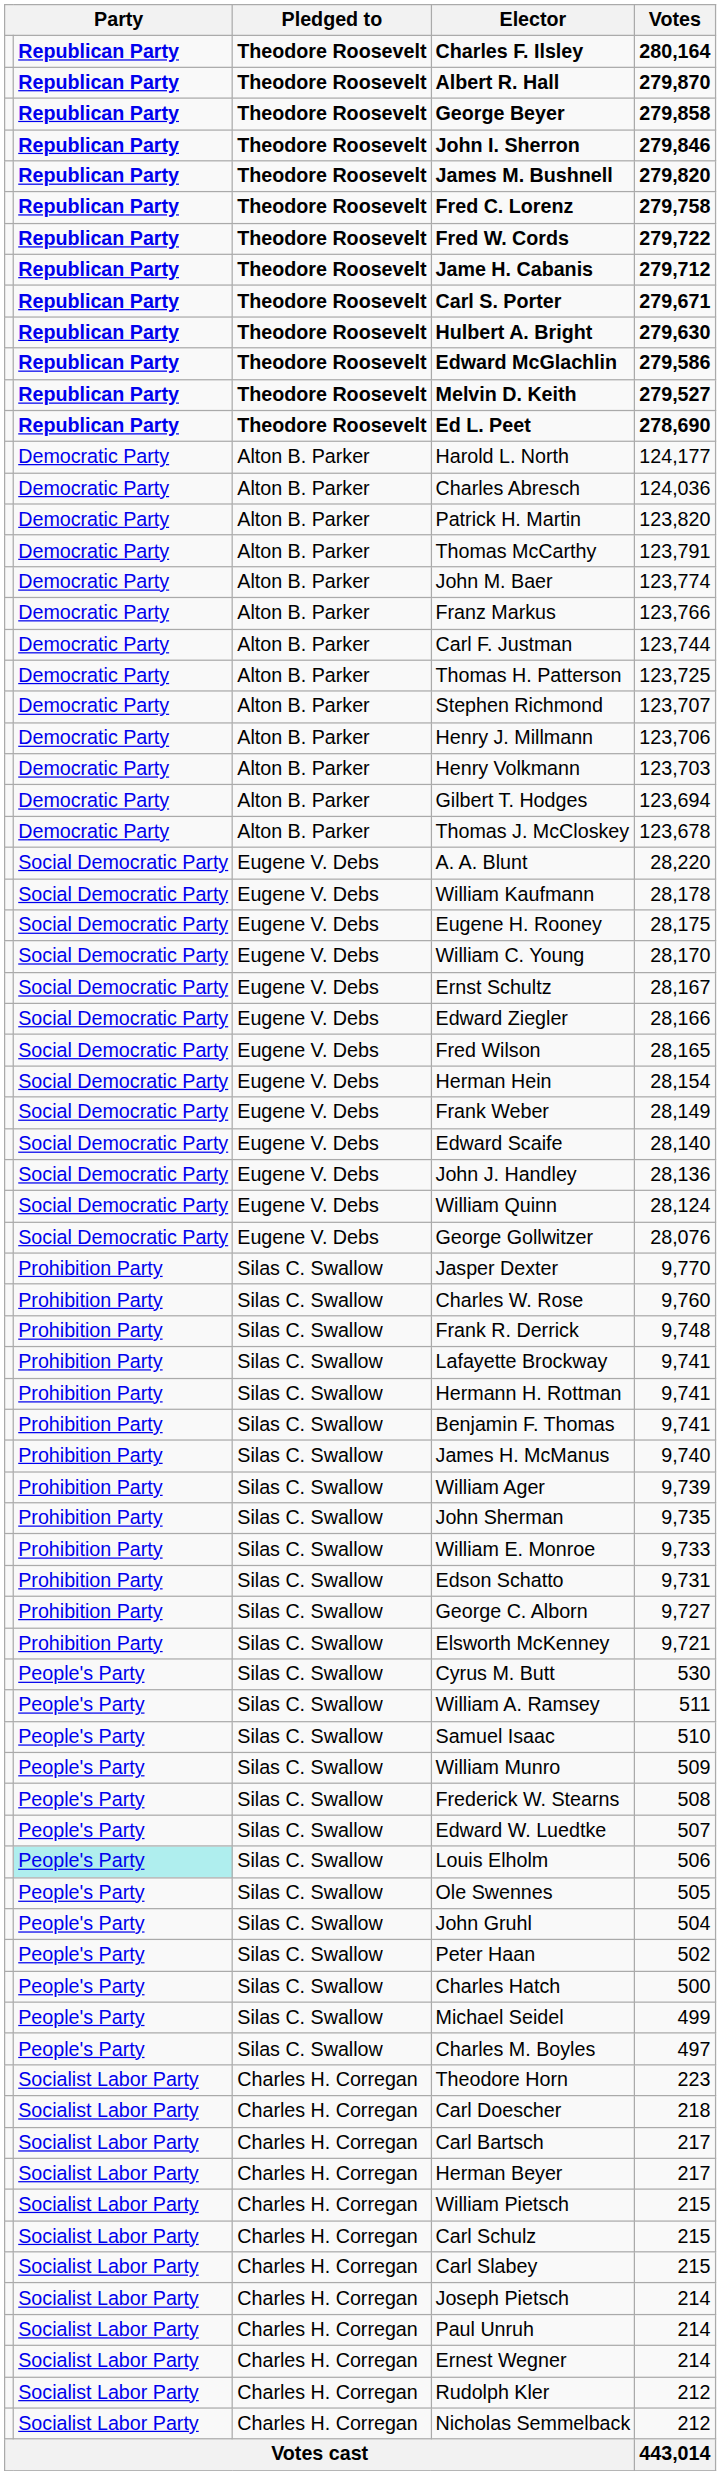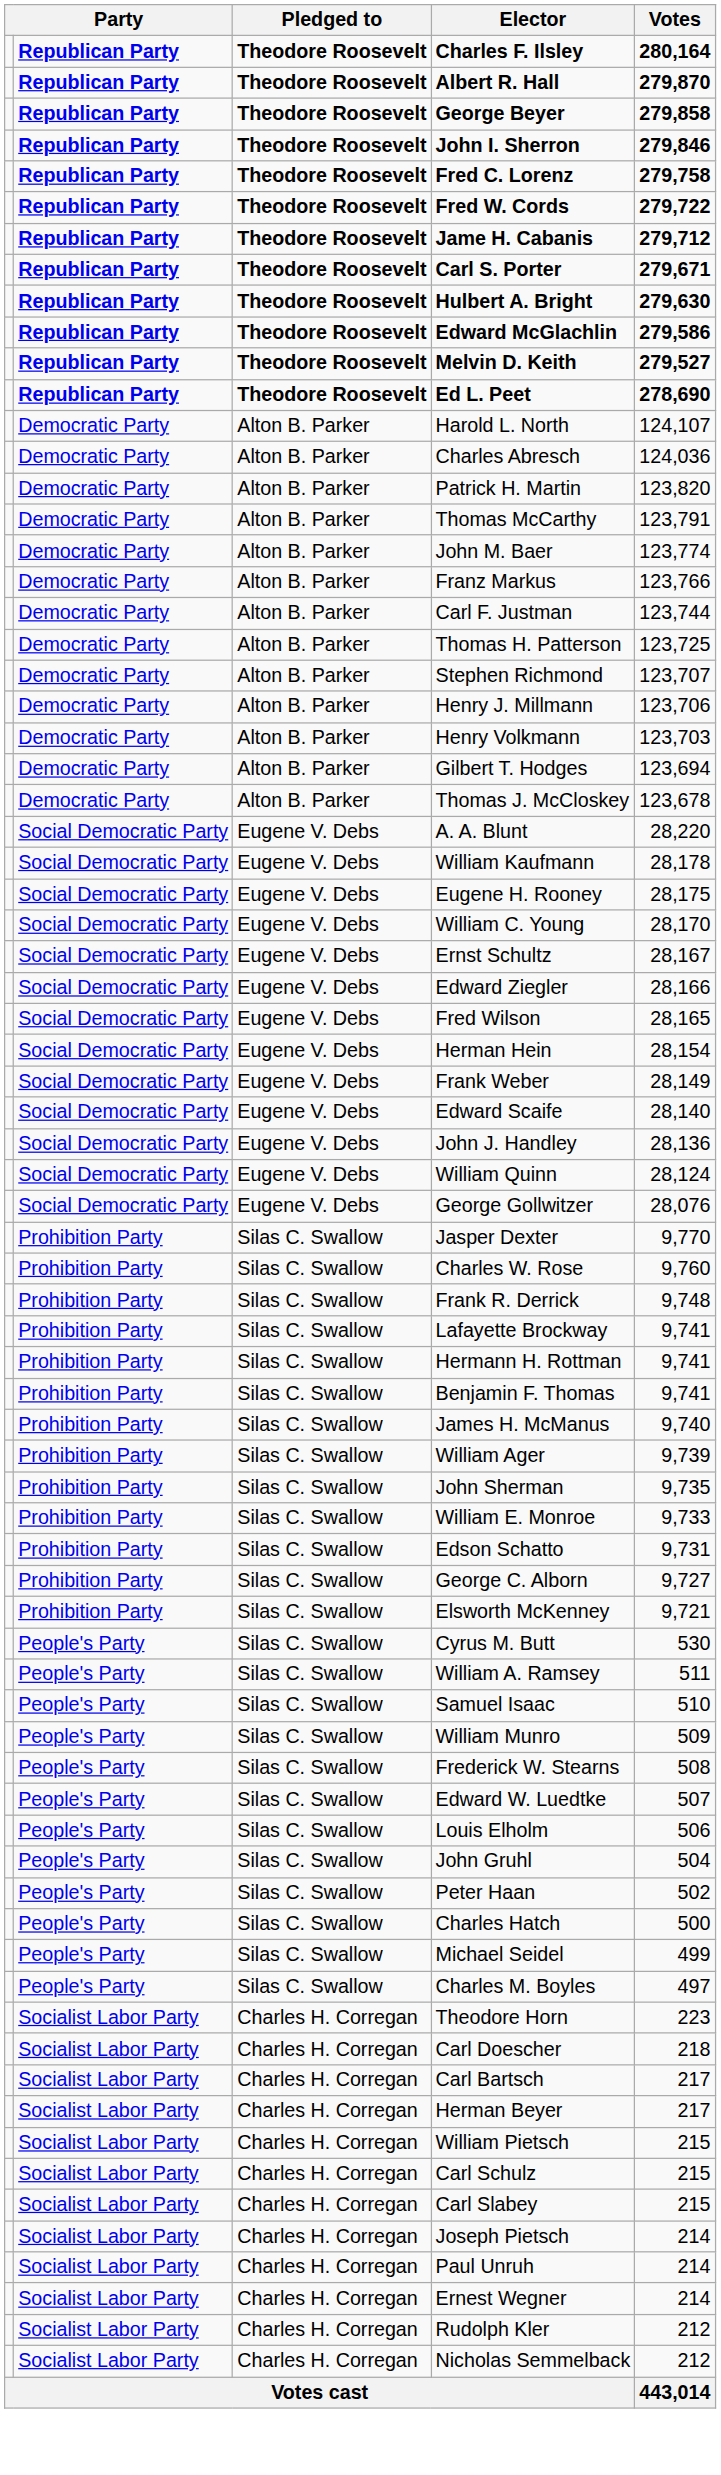 <table class="wikitable">
 <tr>
 <th colspan=2>Party</th>
 <th>Pledged to</th>
 <th>Elector</th>
 <th>Votes</th>
 </tr>
 <tr style="font-weight:bold">
 <td></td>
 <td><a href='#'>Republican Party</a></td>
 <td>Theodore Roosevelt</td>
 <td>Charles F. Ilsley</td>
 <td align="right">280,164</td>
 </tr>
 <tr style="font-weight:bold">
 <td></td>
 <td><a href='#'>Republican Party</a></td>
 <td>Theodore Roosevelt</td>
 <td>Albert R. Hall</td>
 <td align="right">279,870</td>
 </tr>
 <tr style="font-weight:bold">
 <td></td>
 <td><a href='#'>Republican Party</a></td>
 <td>Theodore Roosevelt</td>
 <td>George Beyer</td>
 <td align="right">279,858</td>
 </tr>
 <tr style="font-weight:bold">
 <td></td>
 <td><a href='#'>Republican Party</a></td>
 <td>Theodore Roosevelt</td>
 <td>John I. Sherron</td>
 <td align="right">279,846</td>
-</tr>
-<tr style="font-weight:bold">
-<td></td>
-<td><a href='#'>Republican Party</a></td>
-<td>Theodore Roosevelt</td>
-<td>James M. Bushnell</td>
-<td align="right">279,820</td>
 </tr>
 <tr style="font-weight:bold">
 <td></td>
 <td><a href='#'>Republican Party</a></td>
 <td>Theodore Roosevelt</td>
 <td>Fred C. Lorenz</td>
 <td align="right">279,758</td>
 </tr>
 <tr style="font-weight:bold">
 <td></td>
 <td><a href='#'>Republican Party</a></td>
 <td>Theodore Roosevelt</td>
 <td>Fred W. Cords</td>
 <td align="right">279,722</td>
 </tr>
 <tr style="font-weight:bold">
 <td></td>
 <td><a href='#'>Republican Party</a></td>
 <td>Theodore Roosevelt</td>
 <td>Jame H. Cabanis</td>
 <td align="right">279,712</td>
 </tr>
 <tr style="font-weight:bold">
 <td></td>
 <td><a href='#'>Republican Party</a></td>
 <td>Theodore Roosevelt</td>
 <td>Carl S. Porter</td>
 <td align="right">279,671</td>
 </tr>
 <tr style="font-weight:bold">
 <td></td>
 <td><a href='#'>Republican Party</a></td>
 <td>Theodore Roosevelt</td>
 <td>Hulbert A. Bright</td>
 <td align="right">279,630</td>
 </tr>
 <tr style="font-weight:bold">
 <td></td>
 <td><a href='#'>Republican Party</a></td>
 <td>Theodore Roosevelt</td>
 <td>Edward McGlachlin</td>
 <td align="right">279,586</td>
 </tr>
 <tr style="font-weight:bold">
 <td></td>
 <td><a href='#'>Republican Party</a></td>
 <td>Theodore Roosevelt</td>
 <td>Melvin D. Keith</td>
 <td align="right">279,527</td>
 </tr>
 <tr style="font-weight:bold">
 <td></td>
 <td><a href='#'>Republican Party</a></td>
 <td>Theodore Roosevelt</td>
 <td>Ed L. Peet</td>
 <td align="right">278,690</td>
 </tr>
 <tr>
 <td></td>
 <td><a href='#'>Democratic Party</a></td>
 <td>Alton B. Parker</td>
 <td>Harold L. North</td>
-<td align="right">124,177</td>
+<td align="right">124,107</td>
 </tr>
 <tr>
 <td></td>
 <td><a href='#'>Democratic Party</a></td>
 <td>Alton B. Parker</td>
 <td>Charles Abresch</td>
 <td align="right">124,036</td>
 </tr>
 <tr>
 <td></td>
 <td><a href='#'>Democratic Party</a></td>
 <td>Alton B. Parker</td>
 <td>Patrick H. Martin</td>
 <td align="right">123,820</td>
 </tr>
 <tr>
 <td></td>
 <td><a href='#'>Democratic Party</a></td>
 <td>Alton B. Parker</td>
 <td>Thomas McCarthy</td>
 <td align="right">123,791</td>
 </tr>
 <tr>
 <td></td>
 <td><a href='#'>Democratic Party</a></td>
 <td>Alton B. Parker</td>
 <td>John M. Baer</td>
 <td align="right">123,774</td>
 </tr>
 <tr>
 <td></td>
 <td><a href='#'>Democratic Party</a></td>
 <td>Alton B. Parker</td>
 <td>Franz Markus</td>
 <td align="right">123,766</td>
 </tr>
 <tr>
 <td></td>
 <td><a href='#'>Democratic Party</a></td>
 <td>Alton B. Parker</td>
 <td>Carl F. Justman</td>
 <td align="right">123,744</td>
 </tr>
 <tr>
 <td></td>
 <td><a href='#'>Democratic Party</a></td>
 <td>Alton B. Parker</td>
 <td>Thomas H. Patterson</td>
 <td align="right">123,725</td>
 </tr>
 <tr>
 <td></td>
 <td><a href='#'>Democratic Party</a></td>
 <td>Alton B. Parker</td>
 <td>Stephen Richmond</td>
 <td align="right">123,707</td>
 </tr>
 <tr>
 <td></td>
 <td><a href='#'>Democratic Party</a></td>
 <td>Alton B. Parker</td>
 <td>Henry J. Millmann</td>
 <td align="right">123,706</td>
 </tr>
 <tr>
 <td></td>
 <td><a href='#'>Democratic Party</a></td>
 <td>Alton B. Parker</td>
 <td>Henry Volkmann</td>
 <td align="right">123,703</td>
 </tr>
 <tr>
 <td></td>
 <td><a href='#'>Democratic Party</a></td>
 <td>Alton B. Parker</td>
 <td>Gilbert T. Hodges</td>
 <td align="right">123,694</td>
 </tr>
 <tr>
 <td></td>
 <td><a href='#'>Democratic Party</a></td>
 <td>Alton B. Parker</td>
 <td>Thomas J. McCloskey</td>
 <td align="right">123,678</td>
 </tr>
 <tr>
 <td></td>
 <td><a href='#'>Social Democratic Party</a></td>
 <td>Eugene V. Debs</td>
 <td>A. A. Blunt</td>
 <td align="right">28,220</td>
 </tr>
 <tr>
 <td></td>
 <td><a href='#'>Social Democratic Party</a></td>
 <td>Eugene V. Debs</td>
 <td>William Kaufmann</td>
 <td align="right">28,178</td>
 </tr>
 <tr>
 <td></td>
 <td><a href='#'>Social Democratic Party</a></td>
 <td>Eugene V. Debs</td>
 <td>Eugene H. Rooney</td>
 <td align="right">28,175</td>
 </tr>
 <tr>
 <td></td>
 <td><a href='#'>Social Democratic Party</a></td>
 <td>Eugene V. Debs</td>
 <td>William C. Young</td>
 <td align="right">28,170</td>
 </tr>
 <tr>
 <td></td>
 <td><a href='#'>Social Democratic Party</a></td>
 <td>Eugene V. Debs</td>
 <td>Ernst Schultz</td>
 <td align="right">28,167</td>
 </tr>
 <tr>
 <td></td>
 <td><a href='#'>Social Democratic Party</a></td>
 <td>Eugene V. Debs</td>
 <td>Edward Ziegler</td>
 <td align="right">28,166</td>
 </tr>
 <tr>
 <td></td>
 <td><a href='#'>Social Democratic Party</a></td>
 <td>Eugene V. Debs</td>
 <td>Fred Wilson</td>
 <td align="right">28,165</td>
 </tr>
 <tr>
 <td></td>
 <td><a href='#'>Social Democratic Party</a></td>
 <td>Eugene V. Debs</td>
 <td>Herman Hein</td>
 <td align="right">28,154</td>
 </tr>
 <tr>
 <td></td>
 <td><a href='#'>Social Democratic Party</a></td>
 <td>Eugene V. Debs</td>
 <td>Frank Weber</td>
 <td align="right">28,149</td>
 </tr>
 <tr>
 <td></td>
 <td><a href='#'>Social Democratic Party</a></td>
 <td>Eugene V. Debs</td>
 <td>Edward Scaife</td>
 <td align="right">28,140</td>
 </tr>
 <tr>
 <td></td>
 <td><a href='#'>Social Democratic Party</a></td>
 <td>Eugene V. Debs</td>
 <td>John J. Handley</td>
 <td align="right">28,136</td>
 </tr>
 <tr>
 <td></td>
 <td><a href='#'>Social Democratic Party</a></td>
 <td>Eugene V. Debs</td>
 <td>William Quinn</td>
 <td align="right">28,124</td>
 </tr>
 <tr>
 <td></td>
 <td><a href='#'>Social Democratic Party</a></td>
 <td>Eugene V. Debs</td>
 <td>George Gollwitzer</td>
 <td align="right">28,076</td>
 </tr>
 <tr>
 <td></td>
 <td><a href='#'>Prohibition Party</a></td>
 <td>Silas C. Swallow</td>
 <td>Jasper Dexter</td>
 <td align="right">9,770</td>
 </tr>
 <tr>
 <td></td>
 <td><a href='#'>Prohibition Party</a></td>
 <td>Silas C. Swallow</td>
 <td>Charles W. Rose</td>
 <td align="right">9,760</td>
 </tr>
 <tr>
 <td></td>
 <td><a href='#'>Prohibition Party</a></td>
 <td>Silas C. Swallow</td>
 <td>Frank R. Derrick</td>
 <td align="right">9,748</td>
 </tr>
 <tr>
 <td></td>
 <td><a href='#'>Prohibition Party</a></td>
 <td>Silas C. Swallow</td>
 <td>Lafayette Brockway</td>
 <td align="right">9,741</td>
 </tr>
 <tr>
 <td></td>
 <td><a href='#'>Prohibition Party</a></td>
 <td>Silas C. Swallow</td>
 <td>Hermann H. Rottman</td>
 <td align="right">9,741</td>
 </tr>
 <tr>
 <td></td>
 <td><a href='#'>Prohibition Party</a></td>
 <td>Silas C. Swallow</td>
 <td>Benjamin F. Thomas</td>
 <td align="right">9,741</td>
 </tr>
 <tr>
 <td></td>
 <td><a href='#'>Prohibition Party</a></td>
 <td>Silas C. Swallow</td>
 <td>James H. McManus</td>
 <td align="right">9,740</td>
 </tr>
 <tr>
 <td></td>
 <td><a href='#'>Prohibition Party</a></td>
 <td>Silas C. Swallow</td>
 <td>William Ager</td>
 <td align="right">9,739</td>
 </tr>
 <tr>
 <td></td>
 <td><a href='#'>Prohibition Party</a></td>
 <td>Silas C. Swallow</td>
 <td>John Sherman</td>
 <td align="right">9,735</td>
 </tr>
 <tr>
 <td></td>
 <td><a href='#'>Prohibition Party</a></td>
 <td>Silas C. Swallow</td>
 <td>William E. Monroe</td>
 <td align="right">9,733</td>
 </tr>
 <tr>
 <td></td>
 <td><a href='#'>Prohibition Party</a></td>
 <td>Silas C. Swallow</td>
 <td>Edson Schatto</td>
 <td align="right">9,731</td>
 </tr>
 <tr>
 <td></td>
 <td><a href='#'>Prohibition Party</a></td>
 <td>Silas C. Swallow</td>
 <td>George C. Alborn</td>
 <td align="right">9,727</td>
 </tr>
 <tr>
 <td></td>
 <td><a href='#'>Prohibition Party</a></td>
 <td>Silas C. Swallow</td>
 <td>Elsworth McKenney</td>
 <td align="right">9,721</td>
 </tr>
 <tr>
 <td></td>
 <td><a href='#'>People's Party</a></td>
 <td>Silas C. Swallow</td>
 <td>Cyrus M. Butt</td>
 <td align="right">530</td>
 </tr>
 <tr>
 <td></td>
 <td><a href='#'>People's Party</a></td>
 <td>Silas C. Swallow</td>
 <td>William A. Ramsey</td>
 <td align="right">511</td>
 </tr>
 <tr>
 <td></td>
 <td><a href='#'>People's Party</a></td>
 <td>Silas C. Swallow</td>
 <td>Samuel Isaac</td>
 <td align="right">510</td>
 </tr>
 <tr>
 <td></td>
 <td><a href='#'>People's Party</a></td>
 <td>Silas C. Swallow</td>
 <td>William Munro</td>
 <td align="right">509</td>
 </tr>
 <tr>
 <td></td>
 <td><a href='#'>People's Party</a></td>
 <td>Silas C. Swallow</td>
 <td>Frederick W. Stearns</td>
 <td align="right">508</td>
 </tr>
 <tr>
 <td></td>
 <td><a href='#'>People's Party</a></td>
 <td>Silas C. Swallow</td>
 <td>Edward W. Luedtke</td>
 <td align="right">507</td>
 </tr>
 <tr>
 <td></td>
-<td style="background: paleturquoise;"><a href='#'>People's Party</a></td>
+<td><a href='#'>People's Party</a></td>
 <td>Silas C. Swallow</td>
 <td>Louis Elholm</td>
 <td align="right">506</td>
-</tr>
-<tr>
-<td></td>
-<td><a href='#'>People's Party</a></td>
-<td>Silas C. Swallow</td>
-<td>Ole Swennes</td>
-<td align="right">505</td>
 </tr>
 <tr>
 <td></td>
 <td><a href='#'>People's Party</a></td>
 <td>Silas C. Swallow</td>
 <td>John Gruhl</td>
 <td align="right">504</td>
 </tr>
 <tr>
 <td></td>
 <td><a href='#'>People's Party</a></td>
 <td>Silas C. Swallow</td>
 <td>Peter Haan</td>
 <td align="right">502</td>
 </tr>
 <tr>
 <td></td>
 <td><a href='#'>People's Party</a></td>
 <td>Silas C. Swallow</td>
 <td>Charles Hatch</td>
 <td align="right">500</td>
 </tr>
 <tr>
 <td></td>
 <td><a href='#'>People's Party</a></td>
 <td>Silas C. Swallow</td>
 <td>Michael Seidel</td>
 <td align="right">499</td>
 </tr>
 <tr>
 <td></td>
 <td><a href='#'>People's Party</a></td>
 <td>Silas C. Swallow</td>
 <td>Charles M. Boyles</td>
 <td align="right">497</td>
 </tr>
 <tr>
 <td></td>
 <td><a href='#'>Socialist Labor Party</a></td>
 <td>Charles H. Corregan</td>
 <td>Theodore Horn</td>
 <td align="right">223</td>
 </tr>
 <tr>
 <td></td>
 <td><a href='#'>Socialist Labor Party</a></td>
 <td>Charles H. Corregan</td>
 <td>Carl Doescher</td>
 <td align="right">218</td>
 </tr>
 <tr>
 <td></td>
 <td><a href='#'>Socialist Labor Party</a></td>
 <td>Charles H. Corregan</td>
 <td>Carl Bartsch</td>
 <td align="right">217</td>
 </tr>
 <tr>
 <td></td>
 <td><a href='#'>Socialist Labor Party</a></td>
 <td>Charles H. Corregan</td>
 <td>Herman Beyer</td>
 <td align="right">217</td>
 </tr>
 <tr>
 <td></td>
 <td><a href='#'>Socialist Labor Party</a></td>
 <td>Charles H. Corregan</td>
 <td>William Pietsch</td>
 <td align="right">215</td>
 </tr>
 <tr>
 <td></td>
 <td><a href='#'>Socialist Labor Party</a></td>
 <td>Charles H. Corregan</td>
 <td>Carl Schulz</td>
 <td align="right">215</td>
 </tr>
 <tr>
 <td></td>
 <td><a href='#'>Socialist Labor Party</a></td>
 <td>Charles H. Corregan</td>
 <td>Carl Slabey</td>
 <td align="right">215</td>
 </tr>
 <tr>
 <td></td>
 <td><a href='#'>Socialist Labor Party</a></td>
 <td>Charles H. Corregan</td>
 <td>Joseph Pietsch</td>
 <td align="right">214</td>
 </tr>
 <tr>
 <td></td>
 <td><a href='#'>Socialist Labor Party</a></td>
 <td>Charles H. Corregan</td>
 <td>Paul Unruh</td>
 <td align="right">214</td>
 </tr>
 <tr>
 <td></td>
 <td><a href='#'>Socialist Labor Party</a></td>
 <td>Charles H. Corregan</td>
 <td>Ernest Wegner</td>
 <td align="right">214</td>
 </tr>
 <tr>
 <td></td>
 <td><a href='#'>Socialist Labor Party</a></td>
 <td>Charles H. Corregan</td>
 <td>Rudolph Kler</td>
 <td align="right">212</td>
 </tr>
 <tr>
 <td></td>
 <td><a href='#'>Socialist Labor Party</a></td>
 <td>Charles H. Corregan</td>
 <td>Nicholas Semmelback</td>
 <td align="right">212</td>
 </tr>
 <tr>
 <th colspan="4">Votes cast</th>
 <th>443,014</th>
 </tr>
 </table>
